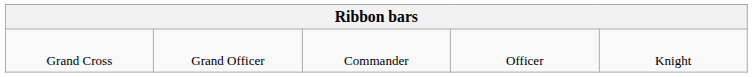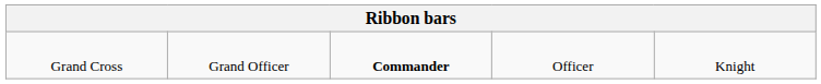 <table align=center class=wikitable width=60% style="margin:1em auto;">
 <tr>
 <th colspan=5>Ribbon bars</th>
 </tr>
 <tr>
 <td width=20% valign=top align=center><br> <small>Grand Cross</small></td>
 <td width=20% valign=top align=center><br> <small>Grand Officer</small></td>
-<td width=20% valign=top align=center><br> <small>Commander</small></td>
+<td width=20% valign=top align=center><strong><br> <small>Commander</small></strong></td>
 <td width=20% valign=top align=center><br> <small>Officer</small></td>
 <td width=20% valign=top align=center><br> <small>Knight</small></td>
 </tr>
 </table>
